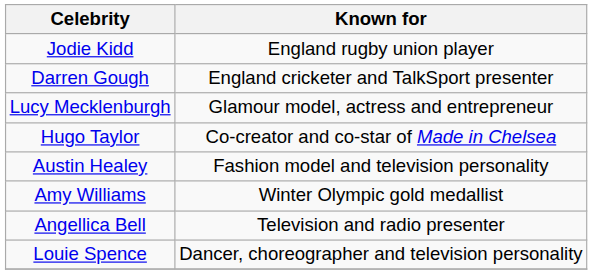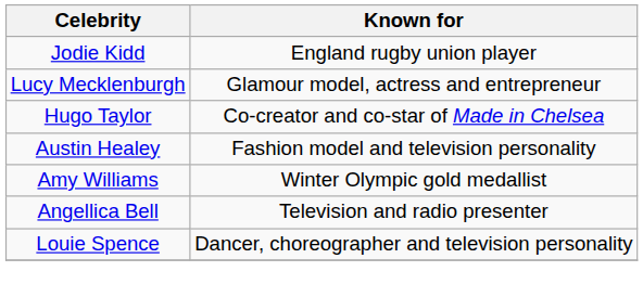 <table class="wikitable unsortable" style="text-align:center; margin:auto; width-height:100%;">
 <tr>
 <th scope="col">Celebrity</th>
 <th scope="col">Known for</th>
 </tr>
 <tr>
 <td><a href='#'>Jodie Kidd</a></td>
 <td>England rugby union player</td>
-</tr>
-<tr>
-<td><a href='#'>Darren Gough</a></td>
-<td>England cricketer and TalkSport presenter</td>
 </tr>
 <tr>
 <td><a href='#'>Lucy Mecklenburgh</a></td>
 <td>Glamour model, actress and entrepreneur</td>
 </tr>
 <tr>
 <td><a href='#'>Hugo Taylor</a></td>
 <td>Co-creator and co-star of <em><a href='#'>Made in Chelsea </a></em></td>
 </tr>
 <tr>
 <td><a href='#'>Austin Healey</a></td>
 <td>Fashion model and television personality</td>
 </tr>
 <tr>
 <td><a href='#'>Amy Williams</a></td>
 <td>Winter Olympic gold medallist</td>
 </tr>
 <tr>
 <td><a href='#'>Angellica Bell</a></td>
 <td>Television and radio presenter</td>
 </tr>
 <tr>
 <td><a href='#'>Louie Spence</a></td>
 <td>Dancer, choreographer and television personality</td>
 </tr>
 <tr>
 </tr>
 </table>
